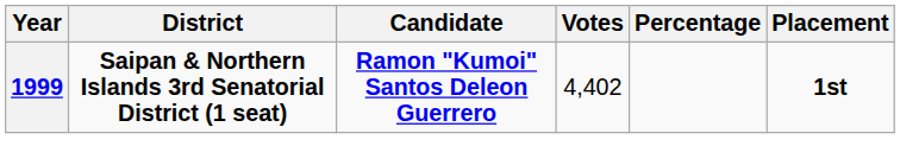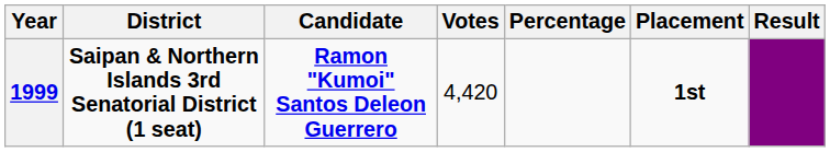 <table class="wikitable" style=text-align:center>
 <tr>
 <th rowspan=1>Year</th>
 <th rowspan=1>District</th>
 <th rowspan=1>Candidate</th>
 <th rowspan=1>Votes</th>
 <th rowspan=1>Percentage</th>
 <th rowspan=1>Placement</th>
+<th rowspan=1>Result</th>
 </tr>
 <tr>
 <th rowspan=1><a href='#'>1999</a></th>
 <td rowspan=1><strong>Saipan & Northern Islands 3rd Senatorial District (1 seat)</strong></td>
 <td><strong><a href='#'>Ramon "Kumoi" Santos Deleon Guerrero</a></strong></td>
-<td>4,402</td>
+<td>4,420</td>
 <td></td>
 <td><strong>1st</strong></td>
+<td style="background:#800080"><strong></strong></td>
 </tr>
 </table>
